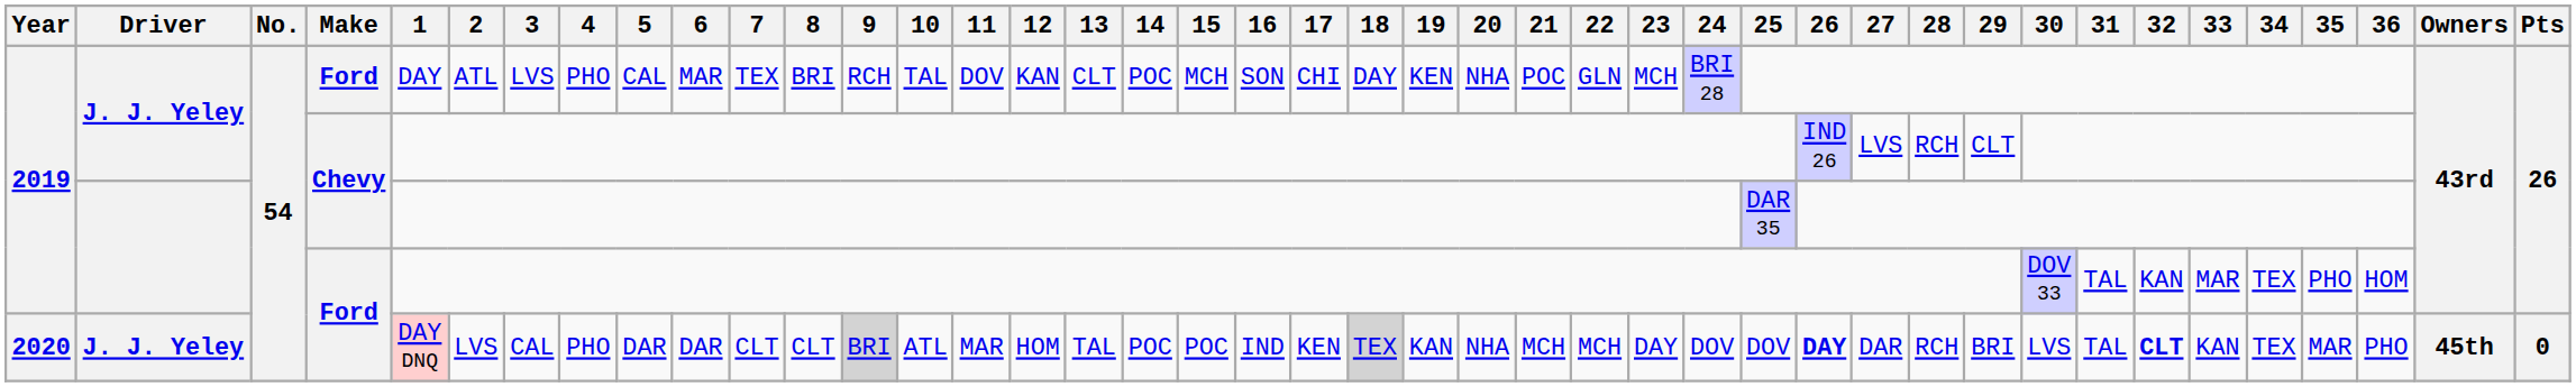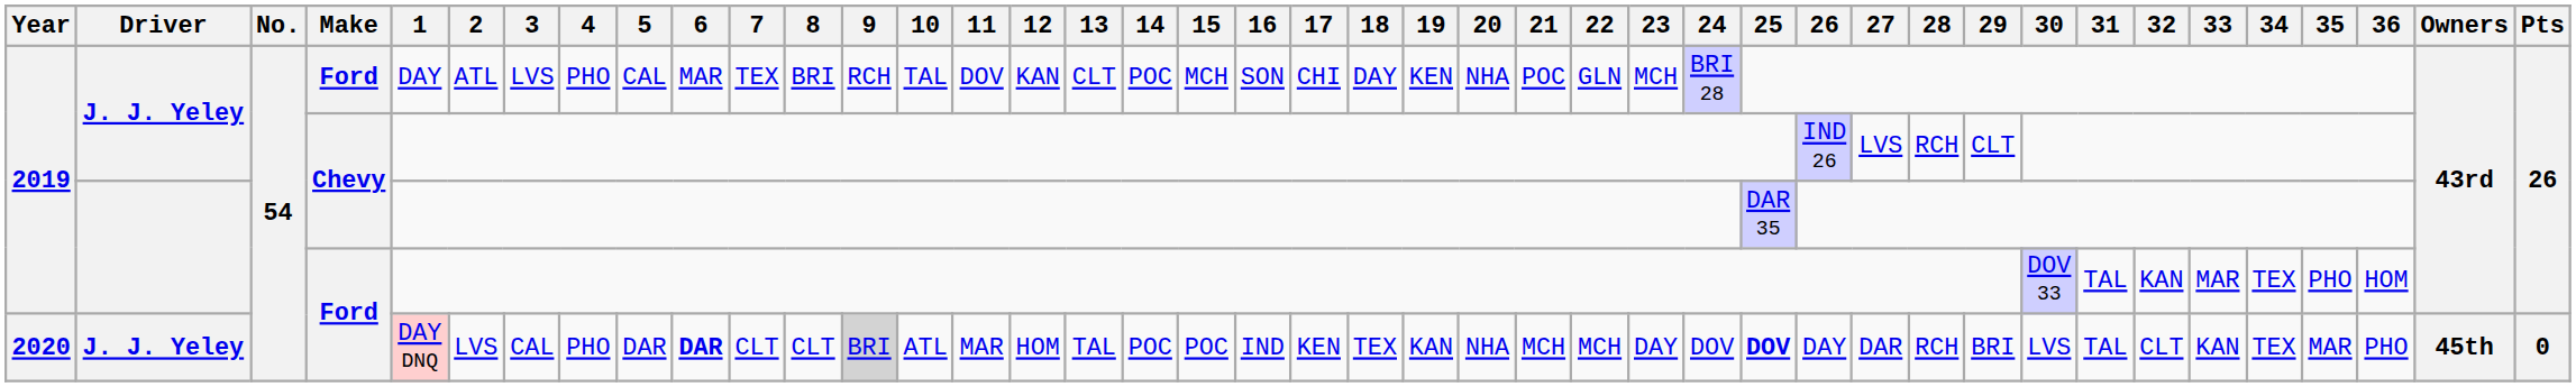 <table class="wikitable" style="text-align:center; font-size:75%">
 <tr>
 <th>Year</th>
 <th>Driver</th>
 <th>No.</th>
 <th>Make</th>
 <th>1</th>
 <th>2</th>
 <th>3</th>
 <th>4</th>
 <th>5</th>
 <th>6</th>
 <th>7</th>
 <th>8</th>
 <th>9</th>
 <th>10</th>
 <th>11</th>
 <th>12</th>
 <th>13</th>
 <th>14</th>
 <th>15</th>
 <th>16</th>
 <th>17</th>
 <th>18</th>
 <th>19</th>
 <th>20</th>
 <th>21</th>
 <th>22</th>
 <th>23</th>
 <th>24</th>
 <th>25</th>
 <th>26</th>
 <th>27</th>
 <th>28</th>
 <th>29</th>
 <th>30</th>
 <th>31</th>
 <th>32</th>
 <th>33</th>
 <th>34</th>
 <th>35</th>
 <th>36</th>
 <th>Owners</th>
 <th>Pts</th>
 </tr>
 <tr>
 <th rowspan=4><a href='#'>2019</a></th>
 <th rowspan=2><a href='#'>J. J. Yeley</a></th>
 <th rowspan=5>54</th>
 <th><a href='#'>Ford</a></th>
 <td><a href='#'>DAY</a></td>
 <td><a href='#'>ATL</a></td>
 <td><a href='#'>LVS</a></td>
 <td><a href='#'>PHO</a></td>
 <td><a href='#'>CAL</a></td>
 <td><a href='#'>MAR</a></td>
 <td><a href='#'>TEX</a></td>
 <td><a href='#'>BRI</a></td>
 <td><a href='#'>RCH</a></td>
 <td><a href='#'>TAL</a></td>
 <td><a href='#'>DOV</a></td>
 <td><a href='#'>KAN</a></td>
 <td><a href='#'>CLT</a></td>
 <td><a href='#'>POC</a></td>
 <td><a href='#'>MCH</a></td>
 <td><a href='#'>SON</a></td>
 <td><a href='#'>CHI</a></td>
 <td><a href='#'>DAY</a></td>
 <td><a href='#'>KEN</a></td>
 <td><a href='#'>NHA</a></td>
 <td><a href='#'>POC</a></td>
 <td><a href='#'>GLN</a></td>
 <td><a href='#'>MCH</a></td>
 <td style="background:#CFCFFF;"><a href='#'>BRI</a><br><small>28</small></td>
 <td colspan=12></td>
 <th rowspan=4>43rd</th>
 <th rowspan=4>26</th>
 </tr>
 <tr>
 <th rowspan=2><a href='#'>Chevy</a></th>
 <td colspan=25></td>
 <td style="background:#CFCFFF;"><a href='#'>IND</a><br><small>26</small></td>
 <td><a href='#'>LVS</a></td>
 <td><a href='#'>RCH</a></td>
 <td><a href='#'>CLT</a></td>
 <td colspan=7></td>
 </tr>
 <tr>
 <th rowspan=2></th>
 <td colspan=24></td>
 <td style="background:#CFCFFF;"><a href='#'>DAR</a><br><small>35</small></td>
 <td colspan=11></td>
 </tr>
 <tr>
 <th rowspan=2><a href='#'>Ford</a></th>
 <td colspan=29></td>
 <td style="background:#CFCFFF;"><a href='#'>DOV</a><br><small>33</small></td>
 <td><a href='#'>TAL</a></td>
 <td><a href='#'>KAN</a></td>
 <td><a href='#'>MAR</a></td>
 <td><a href='#'>TEX</a></td>
 <td><a href='#'>PHO</a></td>
 <td><a href='#'>HOM</a></td>
 </tr>
 <tr>
 <th><a href='#'>2020</a></th>
 <th><a href='#'>J. J. Yeley</a></th>
 <td style="background:#FFCFCF;"><a href='#'>DAY</a><br><small>DNQ</small></td>
 <td><a href='#'>LVS</a></td>
 <td><a href='#'>CAL</a></td>
 <td><a href='#'>PHO</a></td>
 <td><a href='#'>DAR</a></td>
-<td><a href='#'>DAR</a></td>
+<td><strong><a href='#'>DAR</a></strong></td>
 <td><a href='#'>CLT</a></td>
 <td><a href='#'>CLT</a></td>
 <td style="background: lightgrey;"><a href='#'>BRI</a></td>
 <td><a href='#'>ATL</a></td>
 <td><a href='#'>MAR</a></td>
 <td><a href='#'>HOM</a></td>
 <td><a href='#'>TAL</a></td>
 <td><a href='#'>POC</a></td>
 <td><a href='#'>POC</a></td>
 <td><a href='#'>IND</a></td>
 <td><a href='#'>KEN</a></td>
-<td style="background: lightgrey;"><a href='#'>TEX</a></td>
+<td><a href='#'>TEX</a></td>
 <td><a href='#'>KAN</a></td>
 <td><a href='#'>NHA</a></td>
 <td><a href='#'>MCH</a></td>
 <td><a href='#'>MCH</a></td>
 <td><a href='#'>DAY</a></td>
 <td><a href='#'>DOV</a></td>
-<td><a href='#'>DOV</a></td>
-<td><strong><a href='#'>DAY</a></strong></td>
+<td><strong><a href='#'>DOV</a></strong></td>
+<td><a href='#'>DAY</a></td>
 <td><a href='#'>DAR</a></td>
 <td><a href='#'>RCH</a></td>
 <td><a href='#'>BRI</a></td>
 <td><a href='#'>LVS</a></td>
 <td><a href='#'>TAL</a></td>
-<td><strong><a href='#'>CLT</a></strong></td>
+<td><a href='#'>CLT</a></td>
 <td><a href='#'>KAN</a></td>
 <td><a href='#'>TEX</a></td>
 <td><a href='#'>MAR</a></td>
 <td><a href='#'>PHO</a></td>
 <th>45th</th>
 <th>0</th>
 </tr>
 </table>
